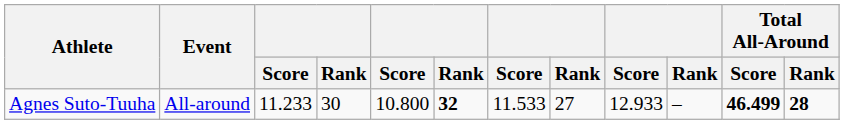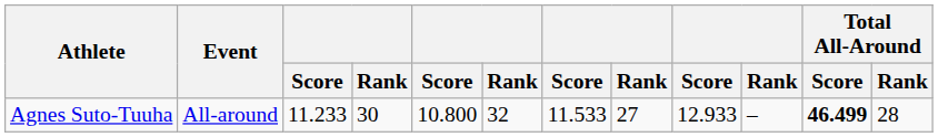 <table class="wikitable">
 <tr>
 <th rowspan="2">Athlete</th>
 <th rowspan="2">Event</th>
 <th colspan="2"></th>
 <th colspan="2"></th>
 <th colspan="2"></th>
 <th colspan="2"></th>
 <th colspan="2">Total<br>All-Around</th>
 </tr>
 <tr>
 <th>Score</th>
 <th>Rank</th>
 <th>Score</th>
 <th>Rank</th>
 <th>Score</th>
 <th>Rank</th>
 <th>Score</th>
 <th>Rank</th>
 <th>Score</th>
 <th>Rank</th>
 </tr>
 <tr>
 <td><a href='#'>Agnes Suto-Tuuha</a></td>
 <td rowspan="5"><a href='#'>All-around</a></td>
 <td>11.233</td>
 <td>30</td>
 <td>10.800</td>
-<td><strong>32</strong></td>
+<td>32</td>
 <td>11.533</td>
 <td>27</td>
 <td>12.933</td>
 <td>–</td>
 <td><strong>46.499</strong></td>
-<td><strong>28</strong></td>
+<td>28</td>
 </tr>
 </table>
